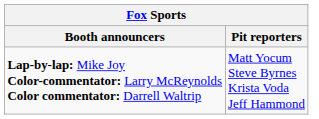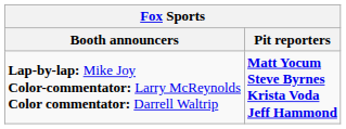 <table class="wikitable" style="font-size: 95%;">
 <tr>
 <th colspan="2"><a href='#'>Fox</a> Sports</th>
 </tr>
 <tr>
 <th>Booth announcers</th>
 <th>Pit reporters</th>
 </tr>
 <tr>
 <td><strong>Lap-by-lap:</strong> <a href='#'>Mike Joy</a><br><strong>Color-commentator:</strong> <a href='#'>Larry McReynolds</a><br><strong>Color commentator:</strong> <a href='#'>Darrell Waltrip</a></td>
-<td><a href='#'>Matt Yocum</a><br><a href='#'>Steve Byrnes</a><br><a href='#'>Krista Voda</a><br><a href='#'>Jeff Hammond</a></td>
+<td><strong><a href='#'>Matt Yocum</a><br><a href='#'>Steve Byrnes</a><br><a href='#'>Krista Voda</a><br><a href='#'>Jeff Hammond</a></strong></td>
 </tr>
 </table>
